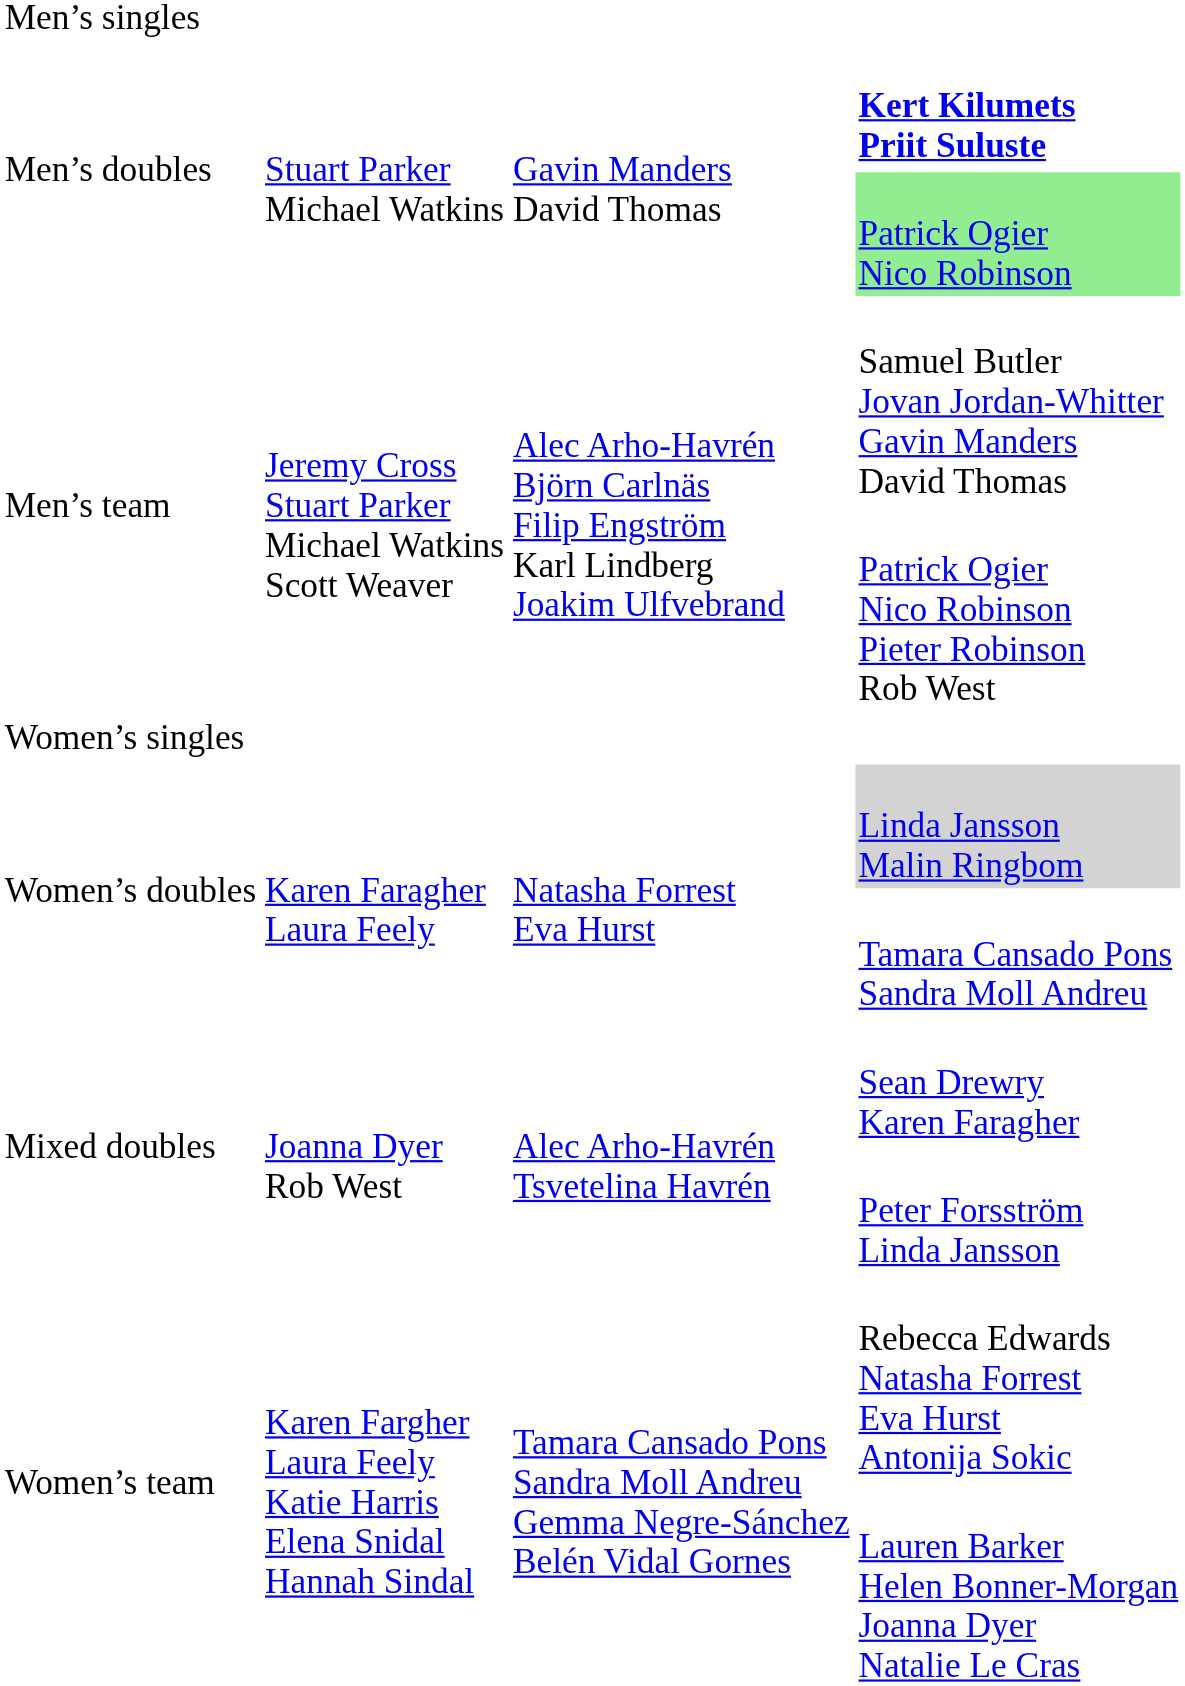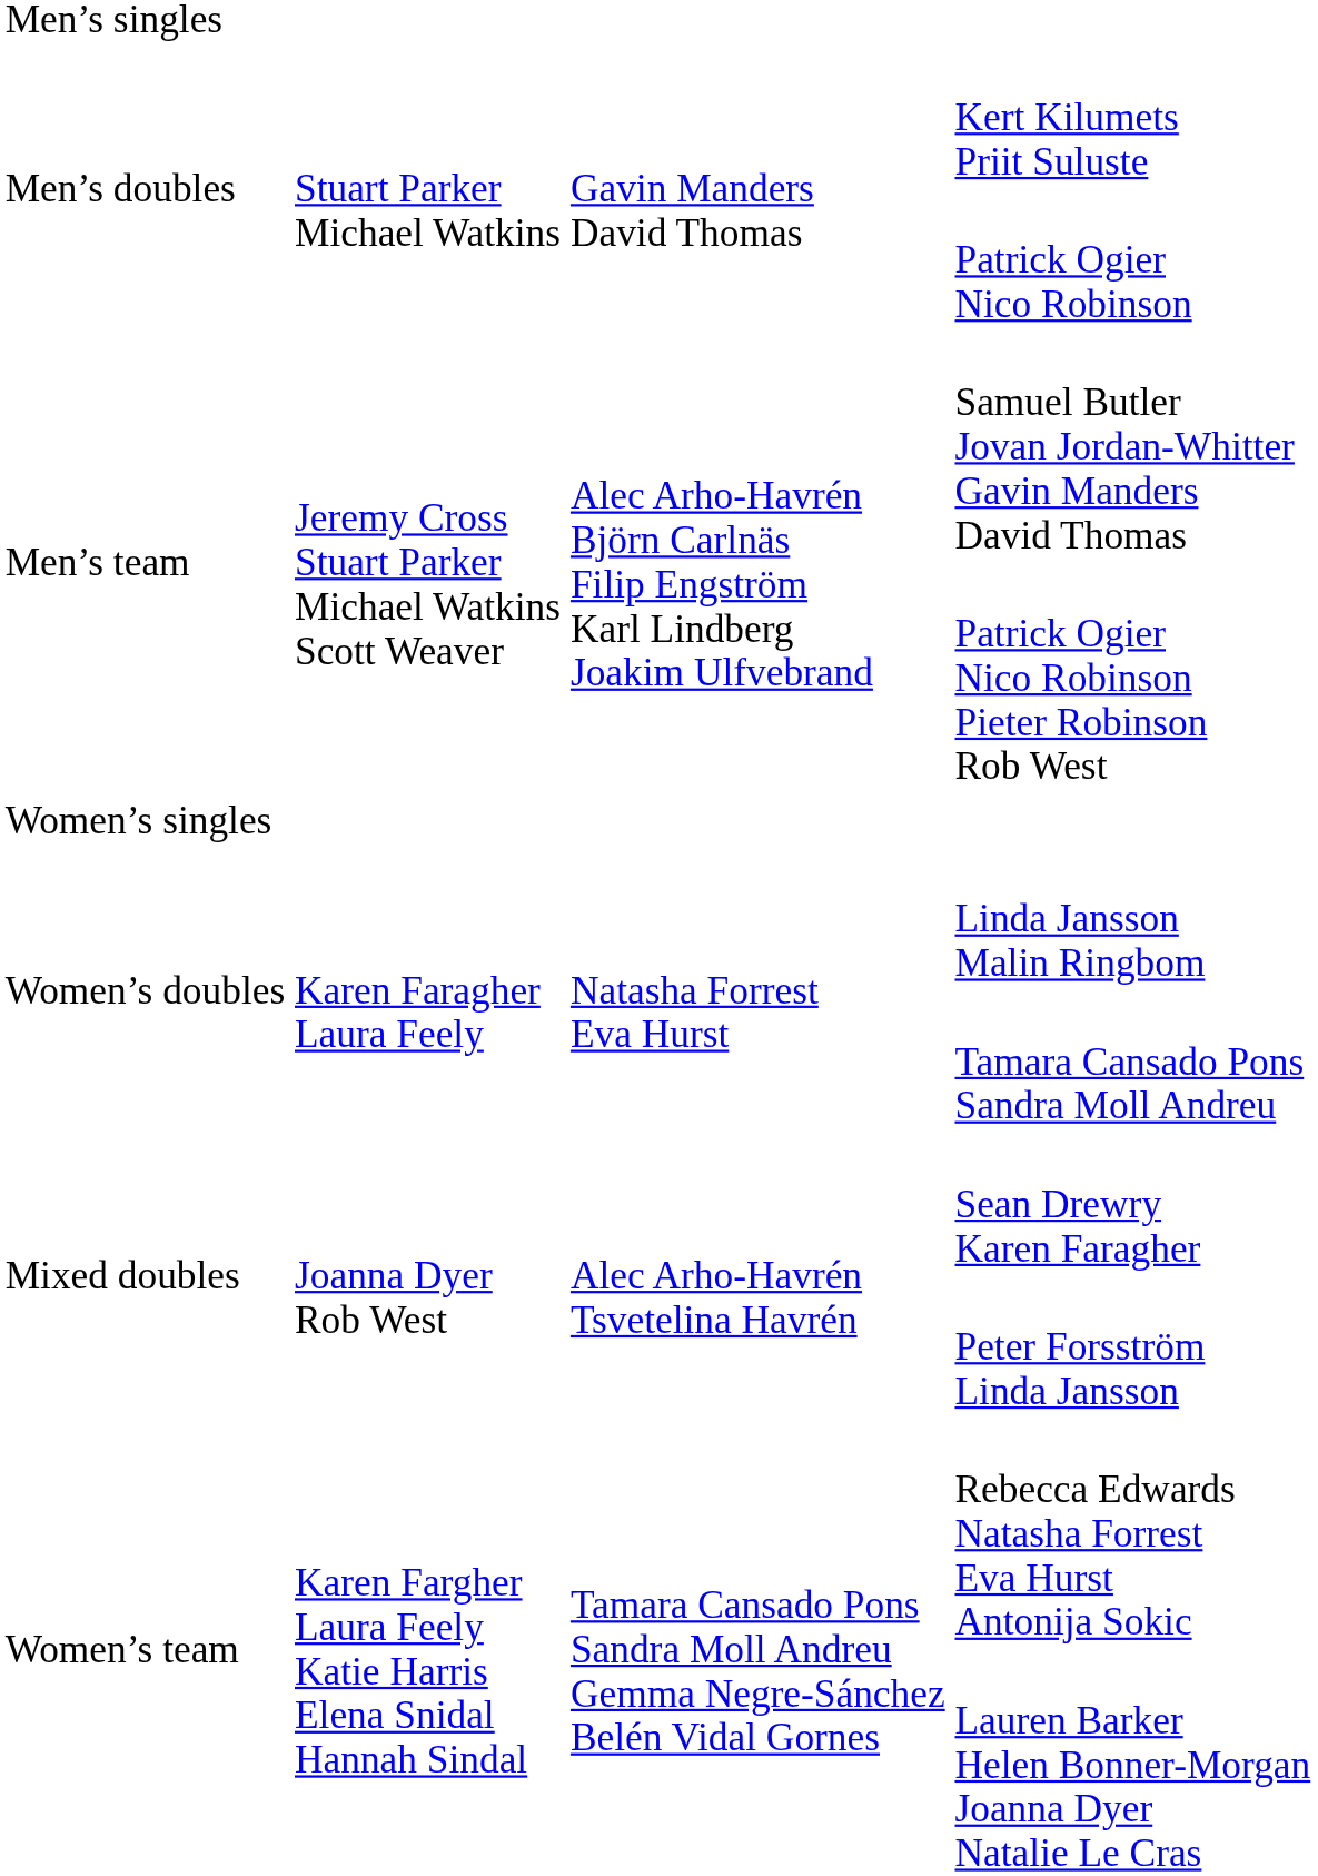 <table>
 <tr>
 <td rowspan=2>Men’s singles</td>
 <td rowspan=2></td>
 <td rowspan=2></td>
 <td></td>
 </tr>
 <tr>
 <td></td>
 </tr>
 <tr>
 <td rowspan=2>Men’s doubles</td>
 <td rowspan=2><br><a href='#'>Stuart Parker</a><br>Michael Watkins</td>
 <td rowspan=2><br><a href='#'>Gavin Manders</a><br>David Thomas</td>
-<td><strong><br><a href='#'>Kert Kilumets</a><br><a href='#'>Priit Suluste</a></strong></td>
+<td><br><a href='#'>Kert Kilumets</a><br><a href='#'>Priit Suluste</a></td>
 </tr>
 <tr>
-<td style="background: lightgreen;"><br><a href='#'>Patrick Ogier</a><br><a href='#'>Nico Robinson</a></td>
+<td><br><a href='#'>Patrick Ogier</a><br><a href='#'>Nico Robinson</a></td>
 </tr>
 <tr>
 <td rowspan=2>Men’s team</td>
 <td rowspan=2><br><a href='#'>Jeremy Cross</a><br><a href='#'>Stuart Parker</a><br>Michael Watkins<br>Scott Weaver</td>
 <td rowspan=2><br><a href='#'>Alec Arho-Havrén</a><br><a href='#'>Björn Carlnäs</a><br><a href='#'>Filip Engström</a><br>Karl Lindberg<br><a href='#'>Joakim Ulfvebrand</a></td>
 <td><br>Samuel Butler<br><a href='#'>Jovan Jordan-Whitter</a><br><a href='#'>Gavin Manders</a><br>David Thomas</td>
 </tr>
 <tr>
 <td><br><a href='#'>Patrick Ogier</a><br><a href='#'>Nico Robinson</a><br><a href='#'>Pieter Robinson</a><br>Rob West</td>
 </tr>
 <tr>
 <td rowspan=2>Women’s singles</td>
 <td rowspan=2></td>
 <td rowspan=2></td>
 <td></td>
 </tr>
 <tr>
 <td></td>
 </tr>
 <tr>
 <td rowspan=2>Women’s doubles</td>
 <td rowspan=2><br><a href='#'>Karen Faragher</a><br><a href='#'>Laura Feely</a></td>
 <td rowspan=2><br><a href='#'>Natasha Forrest</a><br><a href='#'>Eva Hurst</a></td>
-<td style="background: lightgrey;"><br><a href='#'>Linda Jansson</a><br><a href='#'>Malin Ringbom</a></td>
+<td><br><a href='#'>Linda Jansson</a><br><a href='#'>Malin Ringbom</a></td>
 </tr>
 <tr>
 <td><br><a href='#'>Tamara Cansado Pons</a><br><a href='#'>Sandra Moll Andreu</a></td>
 </tr>
 <tr>
 <td rowspan=2>Mixed doubles</td>
 <td rowspan=2><br><a href='#'>Joanna Dyer</a><br>Rob West</td>
 <td rowspan=2><br><a href='#'>Alec Arho-Havrén</a><br><a href='#'>Tsvetelina Havrén</a></td>
 <td><br><a href='#'>Sean Drewry</a><br><a href='#'>Karen Faragher</a></td>
 </tr>
 <tr>
 <td><br><a href='#'>Peter Forsström</a><br><a href='#'>Linda Jansson</a></td>
 </tr>
 <tr>
 <td rowspan=2>Women’s team</td>
 <td rowspan=2><br><a href='#'>Karen Fargher</a><br><a href='#'>Laura Feely</a><br><a href='#'>Katie Harris</a><br><a href='#'>Elena Snidal</a><br><a href='#'>Hannah Sindal</a></td>
 <td rowspan=2><br><a href='#'>Tamara Cansado Pons</a><br><a href='#'>Sandra Moll Andreu</a><br><a href='#'>Gemma Negre-Sánchez</a><br><a href='#'>Belén Vidal Gornes</a></td>
 <td><br>Rebecca Edwards<br><a href='#'>Natasha Forrest</a><br><a href='#'>Eva Hurst</a><br><a href='#'>Antonija Sokic</a></td>
 </tr>
 <tr>
 <td><br><a href='#'>Lauren Barker</a><br><a href='#'>Helen Bonner-Morgan</a><br><a href='#'>Joanna Dyer</a><br><a href='#'>Natalie Le Cras</a></td>
 </tr>
 <tr>
 </tr>
 </table>
